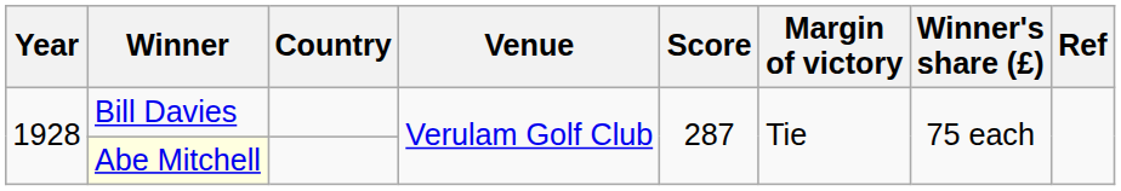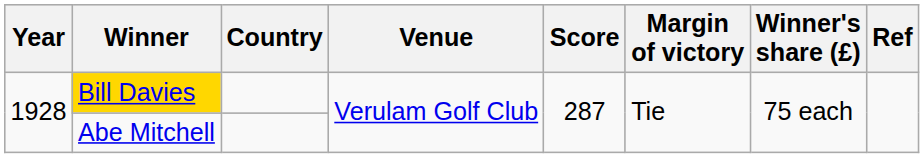 <table class="wikitable">
 <tr>
 <th>Year</th>
 <th>Winner</th>
 <th>Country</th>
 <th>Venue</th>
 <th>Score</th>
 <th>Margin<br>of victory</th>
 <th>Winner's<br>share (£)</th>
 <th>Ref</th>
 </tr>
 <tr>
 <td rowspan=2>1928</td>
-<td><a href='#'>Bill Davies</a></td>
+<td style="background: gold;"><a href='#'>Bill Davies</a></td>
 <td></td>
 <td rowspan=2><a href='#'>Verulam Golf Club</a></td>
 <td align=center rowspan=2>287</td>
 <td rowspan=2>Tie</td>
 <td align=center rowspan=2>75 each</td>
 <td rowspan=2></td>
 </tr>
 <tr>
-<td style="background: lightyellow;"><a href='#'>Abe Mitchell</a></td>
+<td><a href='#'>Abe Mitchell</a></td>
 <td></td>
 </tr>
 </table>
